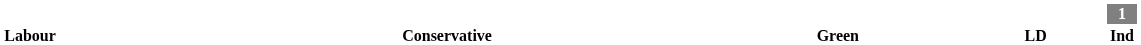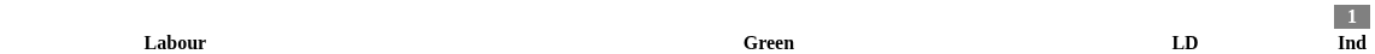 <table style="width:100%; text-align:center;">
 <tr style="color:white;">
 <td style="background-color:"><strong>21</strong></td>
-<td style="background-color:"><strong>15</strong></td>
 <td style="background-color:"><strong>3</strong></td>
 <td style="background-color:"><strong>1</strong></td>
 <td style="background-color:gray; width:2.4%;"><strong>1</strong></td>
 </tr>
 <tr>
 <td><span><strong>Labour</strong></span></td>
-<td><span><strong>Conservative</strong></span></td>
 <td><span><strong>Green</strong></span></td>
 <td><span><strong>LD</strong></span></td>
 <td><span><strong>Ind</strong></span></td>
 </tr>
 </table>
